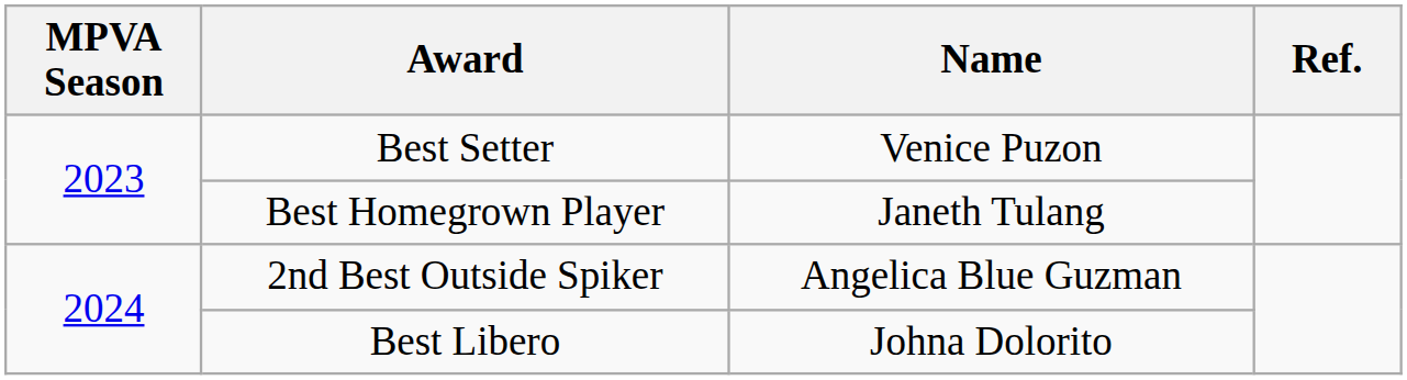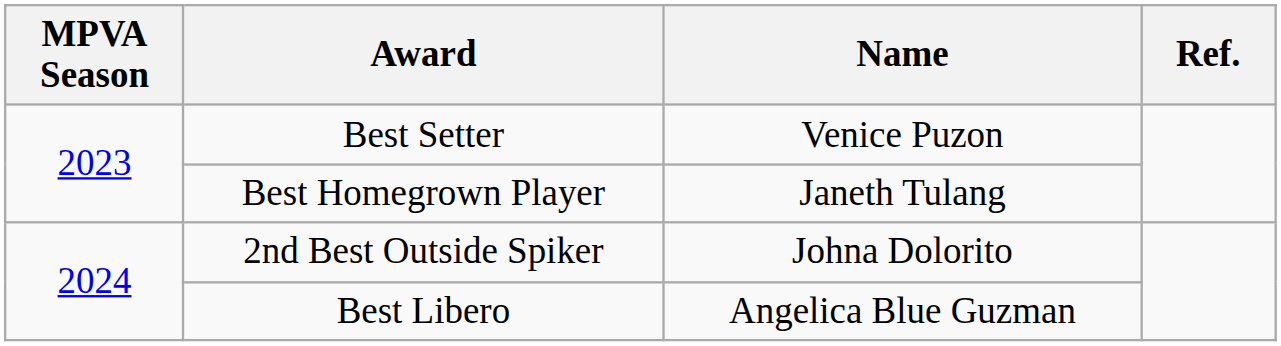 <table class="wikitable">
 <tr>
 <th width=70px>MPVA Season</th>
 <th width=200px>Award</th>
 <th width=200px>Name</th>
 <th width=50px>Ref.</th>
 </tr>
 <tr align=center>
 <td rowspan=2><a href='#'>2023</a></td>
 <td>Best Setter</td>
 <td>Venice Puzon</td>
 <td rowspan=2></td>
 </tr>
 <tr align=center>
 <td>Best Homegrown Player</td>
 <td>Janeth Tulang</td>
 </tr>
 <tr align=center>
 <td rowspan=2><a href='#'>2024</a></td>
 <td>2nd Best Outside Spiker</td>
-<td>Angelica Blue Guzman</td>
+<td>Johna Dolorito</td>
 <td rowspan=2></td>
 </tr>
 <tr align=center>
 <td>Best Libero</td>
-<td>Johna Dolorito</td>
+<td>Angelica Blue Guzman</td>
 </tr>
 </table>
